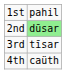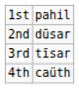 <table class="wikitable">
 <tr>
 <td>1st</td>
 <td>pahil</td>
 </tr>
 <tr>
 <td>2nd</td>
-<td style="background: lightgreen;">dūsar</td>
+<td>dūsar</td>
 </tr>
 <tr>
 <td>3rd</td>
 <td>tīsar</td>
 </tr>
 <tr>
 <td>4th</td>
 <td>caüth</td>
 </tr>
 </table>
